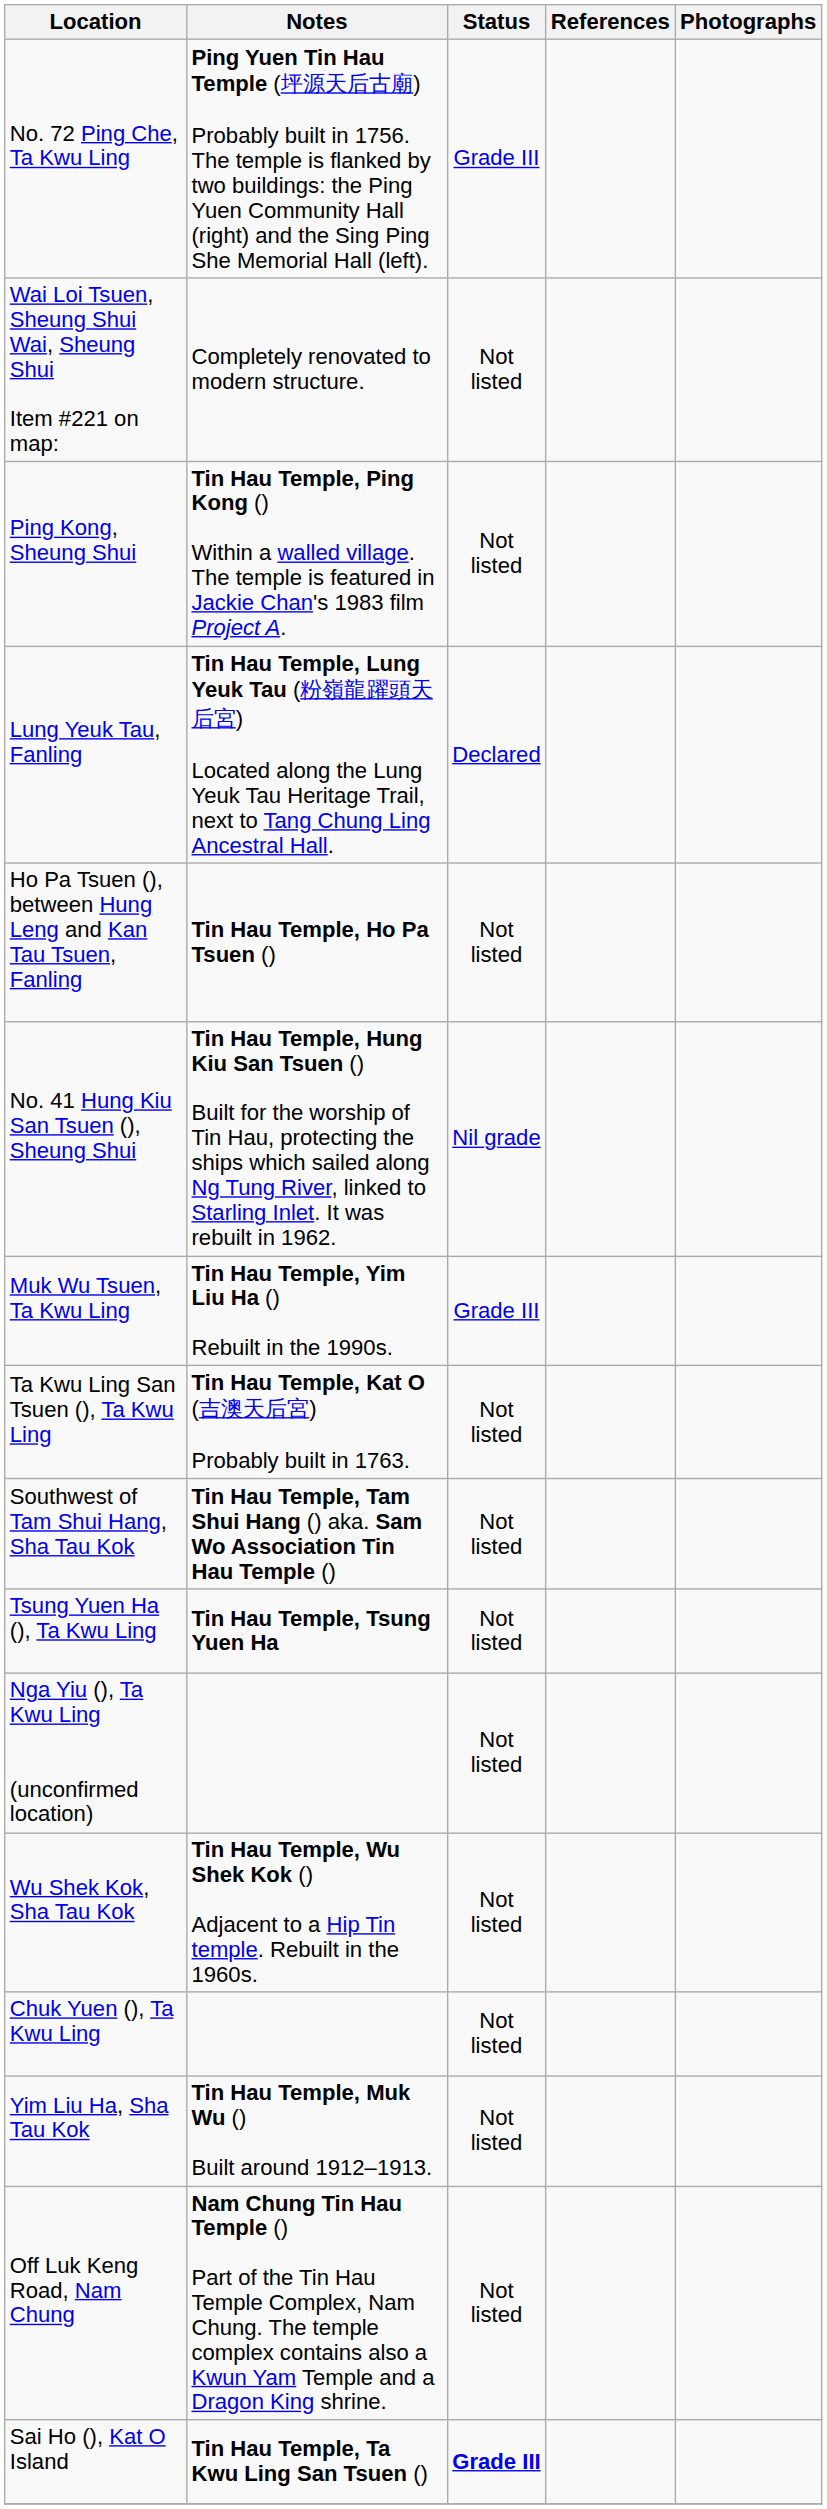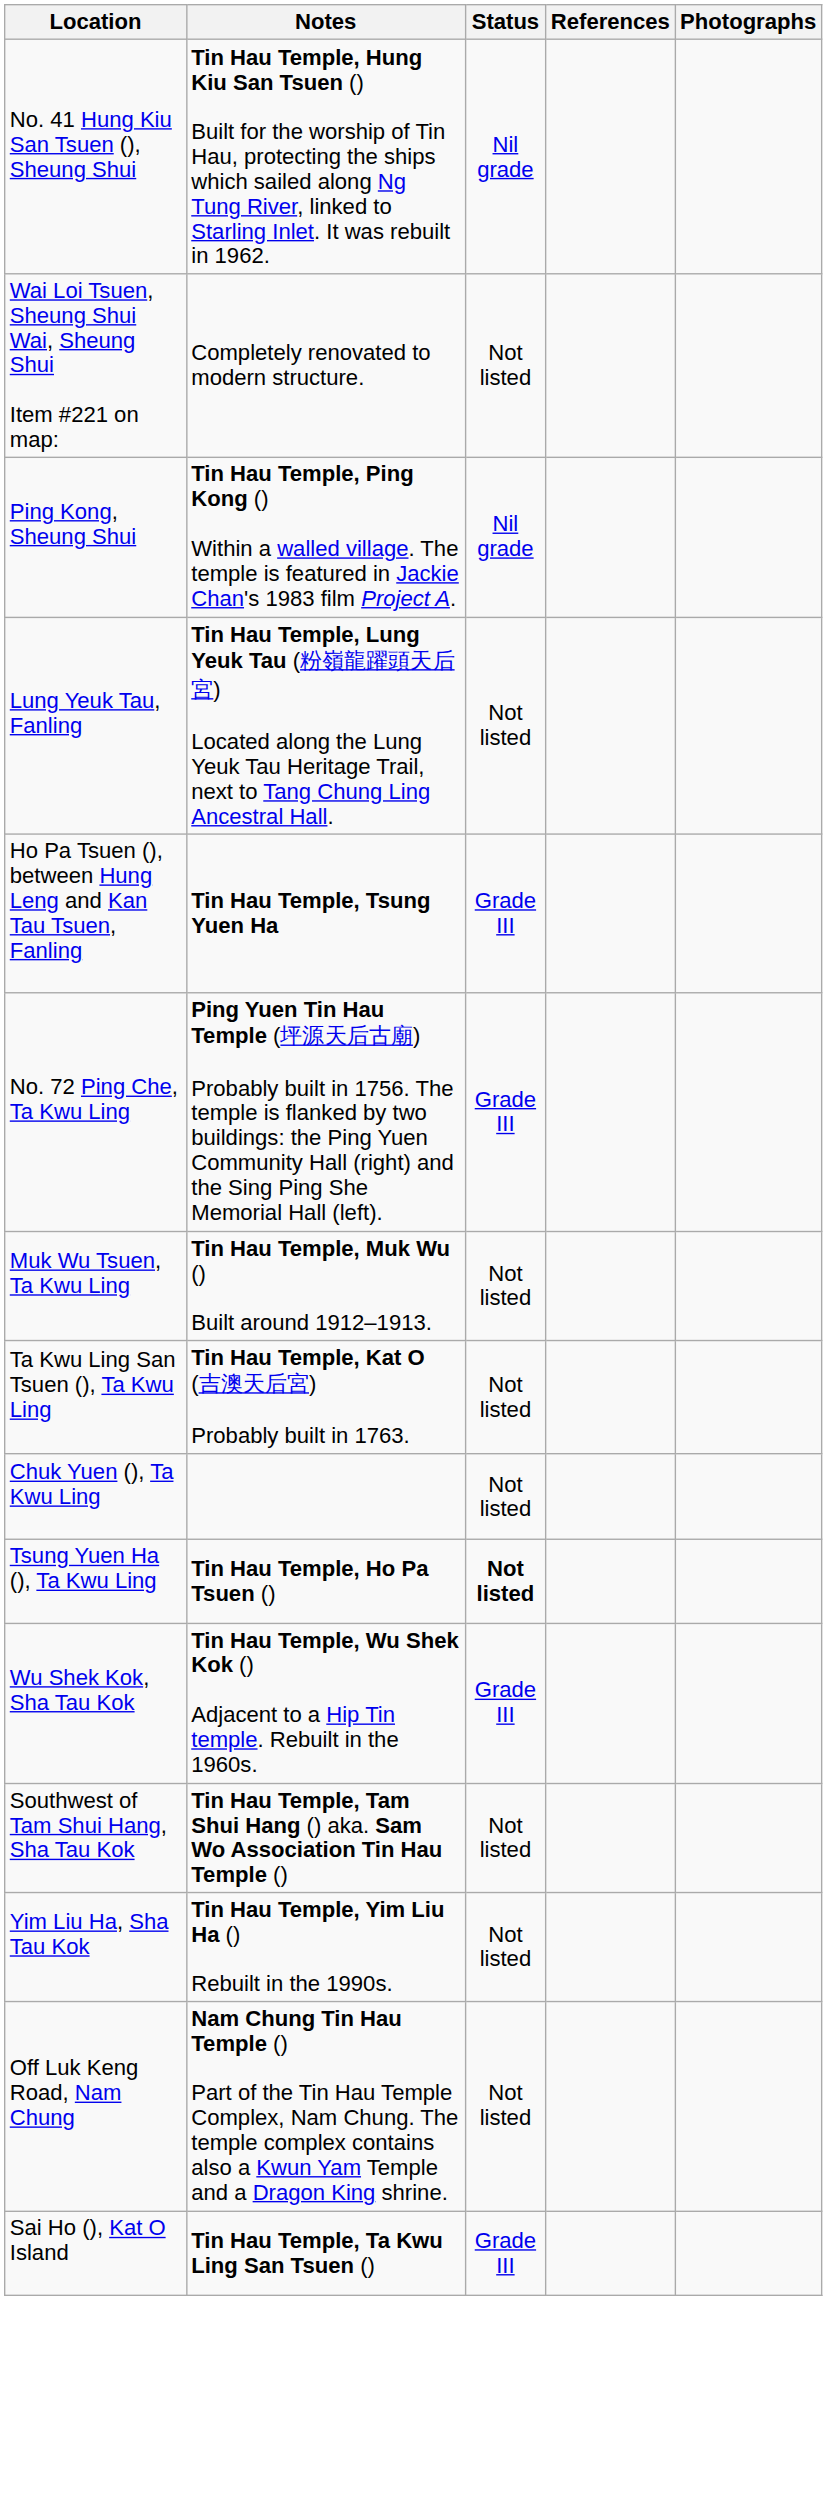 <table class="wikitable sortable" style="width:95%">
 <tr>
 <th width="25%">Location</th>
 <th width="40%">Notes</th>
 <th width="10%">Status</th>
 <th width="10%">References</th>
 <th width="15%">Photographs</th>
 </tr>
 <tr>
-<td>No. 72 <a href='#'>Ping Che</a>, <a href='#'>Ta Kwu Ling</a><br><br></td>
-<td><strong>Ping Yuen Tin Hau Temple</strong> (<a href='#'>坪源天后古廟</a>)<br><br>Probably built in 1756. The temple is flanked by two buildings: the Ping Yuen Community Hall (right) and the Sing Ping She Memorial Hall (left).</td>
-<td style="text-align:center"><a href='#'>Grade III</a></td>
-<td>    </td>
+<td>No. 41 <a href='#'>Hung Kiu San Tsuen</a> (), <a href='#'>Sheung Shui</a><br><br></td>
+<td><strong>Tin Hau Temple, Hung Kiu San Tsuen</strong> ()<br><br>Built for the worship of Tin Hau, protecting the ships which sailed along <a href='#'>Ng Tung River</a>, linked to <a href='#'>Starling Inlet</a>. It was rebuilt in 1962.</td>
+<td style="text-align:center"><a href='#'>Nil grade</a></td>
+<td>  </td>
 <td></td>
 </tr>
 <tr>
 <td><a href='#'>Wai Loi Tsuen</a>, <a href='#'>Sheung Shui Wai</a>, <a href='#'>Sheung Shui</a><br><br>Item #221 on map: <br> </td>
 <td>Completely renovated to modern structure.</td>
 <td style="text-align:center">Not listed</td>
 <td></td>
 <td></td>
 </tr>
 <tr>
 <td><a href='#'>Ping Kong</a>, <a href='#'>Sheung Shui</a><br><br></td>
 <td><strong>Tin Hau Temple, Ping Kong</strong> ()<br><br>Within a <a href='#'>walled village</a>. The temple is featured in <a href='#'>Jackie Chan</a>'s 1983 film <em><a href='#'>Project A</a></em>.</td>
-<td style="text-align:center">Not listed</td>
+<td style="text-align:center"><a href='#'>Nil grade</a></td>
 <td></td>
 <td></td>
 </tr>
 <tr>
 <td><a href='#'>Lung Yeuk Tau</a>, <a href='#'>Fanling</a><br><br></td>
 <td><strong>Tin Hau Temple, Lung Yeuk Tau</strong> (<a href='#'>粉嶺龍躍頭天后宮</a>)<br><br>Located along the Lung Yeuk Tau Heritage Trail, next to <a href='#'>Tang Chung Ling Ancestral Hall</a>.</td>
-<td style="text-align:center"><a href='#'>Declared</a></td>
+<td style="text-align:center">Not listed</td>
 <td>    </td>
 <td></td>
 </tr>
 <tr>
 <td>Ho Pa Tsuen (), between <a href='#'>Hung Leng</a> and <a href='#'>Kan Tau Tsuen</a>, <a href='#'>Fanling</a><br><br></td>
-<td><strong>Tin Hau Temple, Ho Pa Tsuen</strong> ()</td>
-<td style="text-align:center">Not listed</td>
+<td><strong>Tin Hau Temple, Tsung Yuen Ha</strong></td>
+<td style="text-align:center"><a href='#'>Grade III</a></td>
 <td>  </td>
 <td></td>
 </tr>
 <tr>
-<td>No. 41 <a href='#'>Hung Kiu San Tsuen</a> (), <a href='#'>Sheung Shui</a><br><br></td>
-<td><strong>Tin Hau Temple, Hung Kiu San Tsuen</strong> ()<br><br>Built for the worship of Tin Hau, protecting the ships which sailed along <a href='#'>Ng Tung River</a>, linked to <a href='#'>Starling Inlet</a>. It was rebuilt in 1962.</td>
-<td style="text-align:center"><a href='#'>Nil grade</a></td>
-<td>  </td>
+<td>No. 72 <a href='#'>Ping Che</a>, <a href='#'>Ta Kwu Ling</a><br><br></td>
+<td><strong>Ping Yuen Tin Hau Temple</strong> (<a href='#'>坪源天后古廟</a>)<br><br>Probably built in 1756. The temple is flanked by two buildings: the Ping Yuen Community Hall (right) and the Sing Ping She Memorial Hall (left).</td>
+<td style="text-align:center"><a href='#'>Grade III</a></td>
+<td>    </td>
 <td></td>
 </tr>
 <tr>
 <td><a href='#'>Muk Wu Tsuen</a>, <a href='#'>Ta Kwu Ling</a><br><br></td>
-<td><strong>Tin Hau Temple, Yim Liu Ha</strong> ()<br><br>Rebuilt in the 1990s.</td>
-<td style="text-align:center"><a href='#'>Grade III</a></td>
+<td><strong>Tin Hau Temple, Muk Wu</strong> ()<br><br>Built around 1912–1913.</td>
+<td style="text-align:center">Not listed</td>
 <td> </td>
 <td></td>
 </tr>
 <tr>
 <td>Ta Kwu Ling San Tsuen (), <a href='#'>Ta Kwu Ling</a><br><br></td>
 <td><strong>Tin Hau Temple, Kat O</strong> (<a href='#'>吉澳天后宮</a>)<br><br>Probably built in 1763.</td>
 <td style="text-align:center">Not listed</td>
 <td></td>
 <td></td>
 </tr>
 <tr>
+<td><a href='#'>Chuk Yuen</a> (), <a href='#'>Ta Kwu Ling</a><br><br></td>
+<td></td>
+<td style="text-align:center">Not listed</td>
+<td></td>
+<td></td>
+</tr>
+<tr>
+<td><a href='#'>Tsung Yuen Ha</a> (), <a href='#'>Ta Kwu Ling</a><br><br></td>
+<td><strong>Tin Hau Temple, Ho Pa Tsuen</strong> ()</td>
+<td style="text-align:center"><strong>Not listed</strong></td>
+<td> </td>
+<td></td>
+</tr>
+<tr>
+<td><a href='#'>Wu Shek Kok</a>, <a href='#'>Sha Tau Kok</a><br><br></td>
+<td><strong>Tin Hau Temple, Wu Shek Kok</strong> ()<br><br>Adjacent to a <a href='#'>Hip Tin temple</a>. Rebuilt in the 1960s.</td>
+<td style="text-align:center"><a href='#'>Grade III</a></td>
+<td> </td>
+<td></td>
+</tr>
+<tr>
 <td>Southwest of <a href='#'>Tam Shui Hang</a>, <a href='#'>Sha Tau Kok</a><br><br></td>
 <td><strong>Tin Hau Temple, Tam Shui Hang</strong> () aka. <strong>Sam Wo Association Tin Hau Temple</strong> ()</td>
 <td style="text-align:center">Not listed</td>
 <td> </td>
 <td></td>
 </tr>
 <tr>
-<td><a href='#'>Tsung Yuen Ha</a> (), <a href='#'>Ta Kwu Ling</a><br><br></td>
-<td><strong>Tin Hau Temple, Tsung Yuen Ha</strong></td>
-<td style="text-align:center">Not listed</td>
-<td> </td>
-<td></td>
-</tr>
-<tr>
-<td><a href='#'>Nga Yiu</a> (), <a href='#'>Ta Kwu Ling</a><br><br><br>(unconfirmed location)</td>
-<td></td>
-<td style="text-align:center">Not listed</td>
-<td></td>
-<td></td>
-</tr>
-<tr>
-<td><a href='#'>Wu Shek Kok</a>, <a href='#'>Sha Tau Kok</a><br><br></td>
-<td><strong>Tin Hau Temple, Wu Shek Kok</strong> ()<br><br>Adjacent to a <a href='#'>Hip Tin temple</a>. Rebuilt in the 1960s.</td>
-<td style="text-align:center">Not listed</td>
-<td> </td>
-<td></td>
-</tr>
-<tr>
-<td><a href='#'>Chuk Yuen</a> (), <a href='#'>Ta Kwu Ling</a><br><br></td>
-<td></td>
-<td style="text-align:center">Not listed</td>
-<td></td>
-<td></td>
-</tr>
-<tr>
 <td><a href='#'>Yim Liu Ha</a>, <a href='#'>Sha Tau Kok</a><br><br></td>
-<td><strong>Tin Hau Temple, Muk Wu</strong> ()<br><br>Built around 1912–1913.</td>
+<td><strong>Tin Hau Temple, Yim Liu Ha</strong> ()<br><br>Rebuilt in the 1990s.</td>
 <td style="text-align:center">Not listed</td>
 <td>  </td>
 <td></td>
 </tr>
 <tr>
 <td>Off Luk Keng Road, <a href='#'>Nam Chung</a><br><br></td>
 <td><strong>Nam Chung Tin Hau Temple</strong> ()<br><br>Part of the Tin Hau Temple Complex, Nam Chung. The temple complex contains also a <a href='#'>Kwun Yam</a> Temple and a <a href='#'>Dragon King</a> shrine.</td>
 <td style="text-align:center">Not listed</td>
 <td>  </td>
 <td></td>
 </tr>
 <tr>
 <td>Sai Ho (), <a href='#'>Kat O</a> Island<br><br></td>
 <td><strong>Tin Hau Temple, Ta Kwu Ling San Tsuen</strong> ()</td>
-<td style="text-align:center"><strong><a href='#'>Grade III</a></strong></td>
+<td style="text-align:center"><a href='#'>Grade III</a></td>
 <td>  <br> </td>
 <td></td>
 </tr>
 <tr>
 </tr>
 </table>
